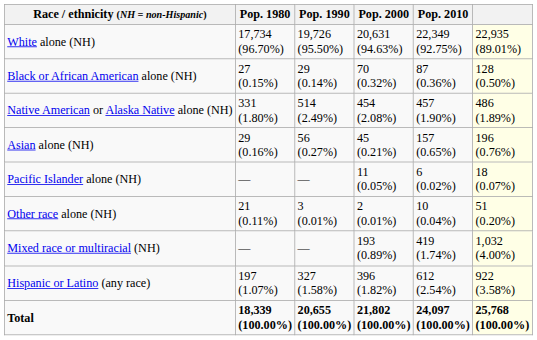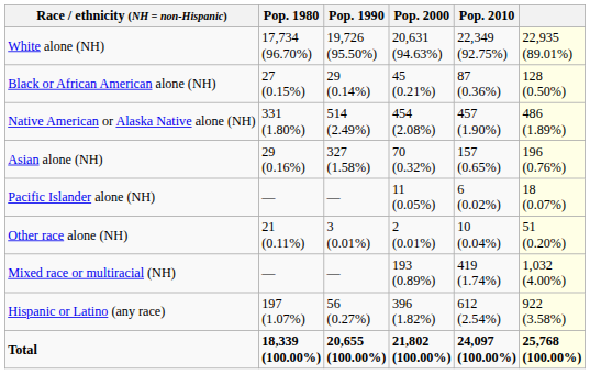 <table class="wikitable sortable collapsible" style="font-size: 95%;">
 <tr>
 <th>Race / ethnicity <small>(<em>NH = non-Hispanic</em>)</small></th>
 <th>Pop. 1980</th>
 <th>Pop. 1990</th>
 <th>Pop. 2000</th>
 <th>Pop. 2010</th>
 <th></th>
 </tr>
 <tr>
 <td><a href='#'>White</a> alone (NH)</td>
 <td>17,734<br>(96.70%)</td>
 <td>19,726<br>(95.50%)</td>
 <td>20,631<br>(94.63%)</td>
 <td>22,349<br>(92.75%)</td>
 <td style='background: #ffffe6;'>22,935<br>(89.01%)</td>
 </tr>
 <tr>
 <td><a href='#'>Black or African American</a> alone (NH)</td>
 <td>27<br>(0.15%)</td>
 <td>29<br>(0.14%)</td>
-<td>70<br>(0.32%)</td>
+<td>45<br>(0.21%)</td>
 <td>87<br>(0.36%)</td>
 <td style='background: #ffffe6;'>128<br>(0.50%)</td>
 </tr>
 <tr>
 <td><a href='#'>Native American</a> or <a href='#'>Alaska Native</a> alone (NH)</td>
 <td>331<br>(1.80%)</td>
 <td>514<br>(2.49%)</td>
 <td>454<br>(2.08%)</td>
 <td>457<br>(1.90%)</td>
 <td style='background: #ffffe6;'>486<br>(1.89%)</td>
 </tr>
 <tr>
 <td><a href='#'>Asian</a> alone (NH)</td>
 <td>29<br>(0.16%)</td>
-<td>56<br>(0.27%)</td>
-<td>45<br>(0.21%)</td>
+<td>327<br>(1.58%)</td>
+<td>70<br>(0.32%)</td>
 <td>157<br>(0.65%)</td>
 <td style='background: #ffffe6;'>196<br>(0.76%)</td>
 </tr>
 <tr>
 <td><a href='#'>Pacific Islander</a> alone (NH)</td>
 <td>—</td>
 <td>—</td>
 <td>11<br>(0.05%)</td>
 <td>6<br>(0.02%)</td>
 <td style='background: #ffffe6;'>18<br>(0.07%)</td>
 </tr>
 <tr>
 <td><a href='#'>Other race</a> alone (NH)</td>
 <td>21<br>(0.11%)</td>
 <td>3<br>(0.01%)</td>
 <td>2<br>(0.01%)</td>
 <td>10<br>(0.04%)</td>
 <td style='background: #ffffe6;'>51<br>(0.20%)</td>
 </tr>
 <tr>
 <td><a href='#'>Mixed race or multiracial</a> (NH)</td>
 <td>—</td>
 <td>—</td>
 <td>193<br>(0.89%)</td>
 <td>419<br>(1.74%)</td>
 <td style='background: #ffffe6;'>1,032<br>(4.00%)</td>
 </tr>
 <tr>
 <td><a href='#'>Hispanic or Latino</a> (any race)</td>
 <td>197<br>(1.07%)</td>
-<td>327<br>(1.58%)</td>
+<td>56<br>(0.27%)</td>
 <td>396<br>(1.82%)</td>
 <td>612<br>(2.54%)</td>
 <td style='background: #ffffe6;'>922<br>(3.58%)</td>
 </tr>
 <tr>
 <td><strong>Total</strong></td>
 <td><strong>18,339<br>(100.00%)</strong></td>
 <td><strong>20,655<br>(100.00%)</strong></td>
 <td><strong>21,802<br>(100.00%)</strong></td>
 <td><strong>24,097<br>(100.00%)</strong></td>
 <td style='background: #ffffe6;'><strong>25,768<br>(100.00%)</strong></td>
 </tr>
 </table>
